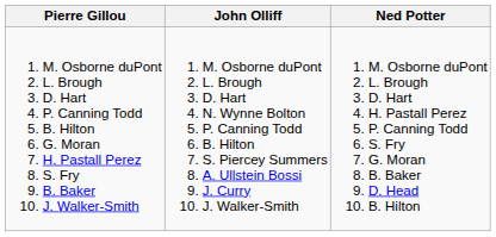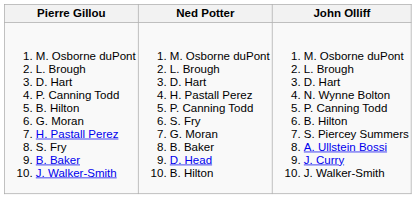 <table class="wikitable">
 <tr>
 <th>Pierre Gillou</th>
+<th>Ned Potter</th>
 <th>John Olliff</th>
-<th>Ned Potter</th>
 </tr>
 <tr style="vertical-align: top;">
 <td style="white-space: nowrap;"><br><ol><li> M. Osborne duPont</li><li> L. Brough</li><li> D. Hart</li><li> P. Canning Todd</li><li> B. Hilton</li><li> G. Moran</li><li> <a href='#'>H. Pastall Perez</a></li><li> S. Fry</li><li> <a href='#'>B. Baker</a></li><li> <a href='#'>J. Walker-Smith</a></li></ol></td>
+<td style="white-space: nowrap;"><br><ol><li> M. Osborne duPont</li><li> L. Brough</li><li> D. Hart</li><li> H. Pastall Perez</li><li> P. Canning Todd</li><li> S. Fry</li><li> G. Moran</li><li> B. Baker</li><li> <a href='#'>D. Head</a></li><li> B. Hilton</li></ol></td>
 <td style="white-space: nowrap;"><br><ol><li> M. Osborne duPont</li><li> L. Brough</li><li> D. Hart</li><li> N. Wynne Bolton</li><li> P. Canning Todd</li><li> B. Hilton</li><li> S. Piercey Summers</li><li> <a href='#'>A. Ullstein Bossi</a></li><li> <a href='#'>J. Curry</a></li><li> J. Walker-Smith</li></ol></td>
-<td style="white-space: nowrap;"><br><ol><li> M. Osborne duPont</li><li> L. Brough</li><li> D. Hart</li><li> H. Pastall Perez</li><li> P. Canning Todd</li><li> S. Fry</li><li> G. Moran</li><li> B. Baker</li><li> <a href='#'>D. Head</a></li><li> B. Hilton</li></ol></td>
 </tr>
 </table>
